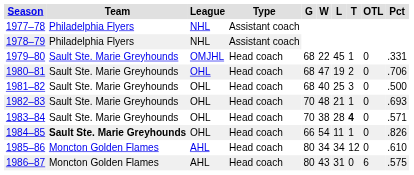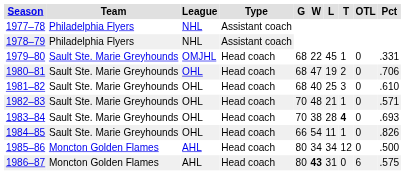 <table cellSpacing="0" cellPadding="3" border="0">
 <tr align="centre" bgColor="#e0e0e0">
 <th align="centre"><a href='#'>Season</a></th>
 <th align="centre">Team</th>
 <th align="centre">League</th>
 <th align="centre">Type</th>
 <th align="centre">G</th>
 <th align="centre">W</th>
 <th align="centre">L</th>
 <th align="centre">T</th>
 <th align="centre">OTL</th>
 <th align="centre">Pct</th>
 </tr>
 <tr align="centre">
 <td><a href='#'>1977–78</a></td>
 <td><a href='#'>Philadelphia Flyers</a></td>
 <td><a href='#'>NHL</a></td>
 <td>Assistant coach</td>
 </tr>
 <tr align="centre" bgColor="#f0f0f0">
 <td><a href='#'>1978–79</a></td>
 <td>Philadelphia Flyers</td>
 <td>NHL</td>
 <td>Assistant coach</td>
 </tr>
 <tr align="centre">
 <td><a href='#'>1979–80</a></td>
 <td><a href='#'>Sault Ste. Marie Greyhounds</a></td>
 <td><a href='#'>OMJHL</a></td>
 <td>Head coach</td>
 <td>68</td>
 <td>22</td>
 <td>45</td>
 <td>1</td>
 <td>0</td>
 <td>.331</td>
 </tr>
 <tr align="centre" bgColor="#f0f0f0">
 <td><a href='#'>1980–81</a></td>
 <td>Sault Ste. Marie Greyhounds</td>
 <td><a href='#'>OHL</a></td>
 <td>Head coach</td>
 <td>68</td>
 <td>47</td>
 <td>19</td>
 <td>2</td>
 <td>0</td>
 <td>.706</td>
 </tr>
 <tr align="centre">
 <td><a href='#'>1981–82</a></td>
 <td>Sault Ste. Marie Greyhounds</td>
 <td>OHL</td>
 <td>Head coach</td>
 <td>68</td>
 <td>40</td>
 <td>25</td>
 <td>3</td>
 <td>0</td>
-<td>.500</td>
+<td>.610</td>
 </tr>
 <tr align="centre" bgColor="#f0f0f0">
 <td><a href='#'>1982–83</a></td>
 <td>Sault Ste. Marie Greyhounds</td>
 <td>OHL</td>
 <td>Head coach</td>
 <td>70</td>
 <td>48</td>
 <td>21</td>
 <td>1</td>
 <td>0</td>
-<td>.693</td>
+<td>.571</td>
 </tr>
 <tr align="centre">
 <td><a href='#'>1983–84</a></td>
 <td>Sault Ste. Marie Greyhounds</td>
 <td>OHL</td>
 <td>Head coach</td>
 <td>70</td>
 <td>38</td>
 <td>28</td>
 <td><strong>4</strong></td>
 <td>0</td>
-<td>.571</td>
+<td>.693</td>
 </tr>
 <tr align="centre" bgColor="#f0f0f0">
 <td><a href='#'>1984–85</a></td>
-<td><strong>Sault Ste. Marie Greyhounds</strong></td>
+<td>Sault Ste. Marie Greyhounds</td>
 <td>OHL</td>
 <td>Head coach</td>
 <td>66</td>
 <td>54</td>
 <td>11</td>
 <td>1</td>
 <td>0</td>
 <td>.826</td>
 </tr>
 <tr align="centre">
 <td><a href='#'>1985–86</a></td>
 <td><a href='#'>Moncton Golden Flames</a></td>
 <td><a href='#'>AHL</a></td>
 <td>Head coach</td>
 <td>80</td>
 <td>34</td>
 <td>34</td>
 <td>12</td>
 <td>0</td>
-<td>.610</td>
+<td>.500</td>
 </tr>
 <tr align="centre" bgColor="#f0f0f0">
 <td><a href='#'>1986–87</a></td>
 <td>Moncton Golden Flames</td>
 <td>AHL</td>
 <td>Head coach</td>
 <td>80</td>
-<td>43</td>
+<td><strong>43</strong></td>
 <td>31</td>
 <td>0</td>
 <td>6</td>
 <td>.575</td>
 </tr>
 </table>
